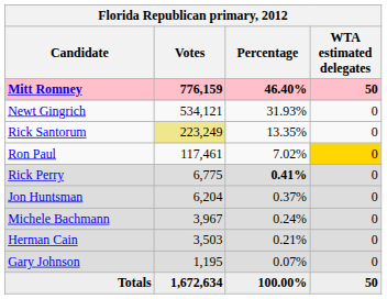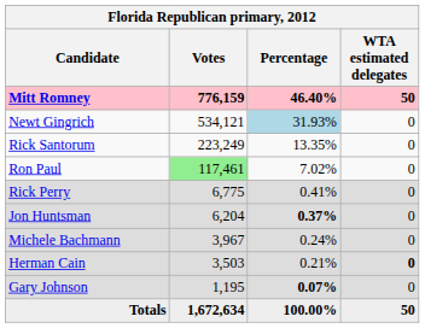 <table class="wikitable" style="font-size:95%; text-align:right;">
 <tr>
 <th colspan="5">Florida Republican primary, 2012</th>
 </tr>
 <tr>
 <th style="width: 11em">Candidate</th>
 <th style="width: 5em">Votes</th>
 <th style="width: 6em">Percentage</th>
 <th style="width: 5em">WTA estimated delegates</th>
 </tr>
 <tr align="right" bgcolor="pink">
 <td align="left"><strong><a href='#'>Mitt Romney</a></strong></td>
 <td><strong>776,159</strong></td>
 <td><strong>46.40%</strong></td>
 <td><strong>50</strong></td>
 </tr>
 <tr>
 <td align="left"><a href='#'>Newt Gingrich</a></td>
 <td>534,121</td>
-<td>31.93%</td>
+<td style="background: lightblue;">31.93%</td>
 <td>0</td>
 </tr>
 <tr>
 <td align="left"><a href='#'>Rick Santorum</a></td>
-<td style="background: khaki;">223,249</td>
+<td>223,249</td>
 <td>13.35%</td>
 <td>0</td>
 </tr>
 <tr>
 <td align="left"><a href='#'>Ron Paul</a></td>
-<td>117,461</td>
+<td style="background: lightgreen;">117,461</td>
 <td>7.02%</td>
-<td style="background: gold;">0</td>
+<td>0</td>
 </tr>
 <tr bgcolor=DDDDDD>
 <td style="text-align:left;"><a href='#'>Rick Perry</a></td>
 <td>6,775</td>
-<td><strong>0.41%</strong></td>
+<td>0.41%</td>
 <td>0</td>
 </tr>
 <tr bgcolor=DDDDDD>
 <td style="text-align:left;"><a href='#'>Jon Huntsman</a></td>
 <td>6,204</td>
-<td>0.37%</td>
+<td><strong>0.37%</strong></td>
 <td>0</td>
 </tr>
 <tr bgcolor=DDDDDD>
 <td style="text-align:left;"><a href='#'>Michele Bachmann</a></td>
 <td>3,967</td>
 <td>0.24%</td>
 <td>0</td>
 </tr>
 <tr bgcolor=DDDDDD>
 <td style="text-align:left;"><a href='#'>Herman Cain</a></td>
 <td>3,503</td>
 <td>0.21%</td>
-<td>0</td>
+<td><strong>0</strong></td>
 </tr>
 <tr bgcolor=DDDDDD>
 <td style="text-align:left;"><a href='#'>Gary Johnson</a></td>
 <td>1,195</td>
-<td>0.07%</td>
+<td><strong>0.07%</strong></td>
 <td>0</td>
 </tr>
 <tr bgcolor="#EEEEEE">
 <td><strong>Totals</strong></td>
 <td><strong>1,672,634</strong></td>
 <td><strong>100.00%</strong></td>
 <td><strong>50</strong></td>
 </tr>
 </table>
